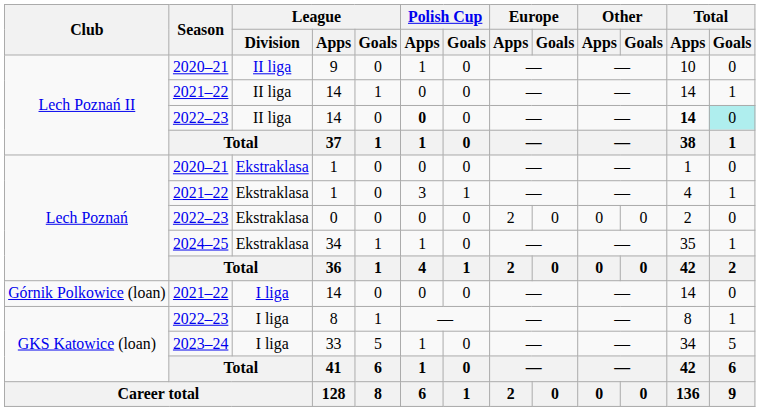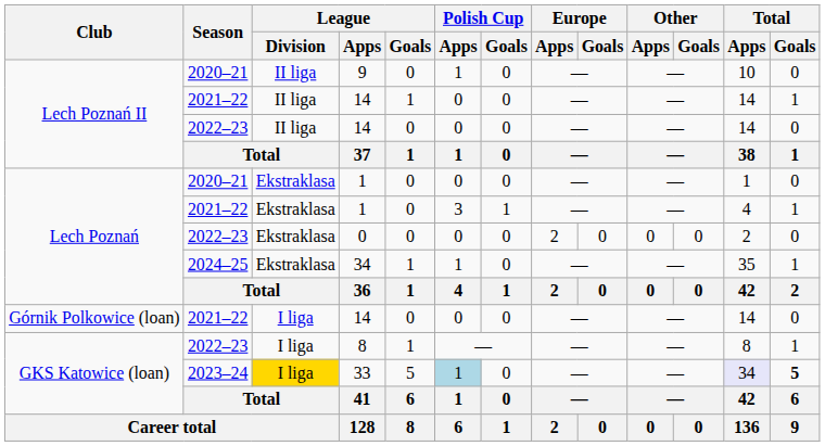 <table class="wikitable" style="text-align: center;">
 <tr>
 <th rowspan="2">Club</th>
 <th rowspan="2">Season</th>
 <th colspan="3">League</th>
 <th colspan="2"><a href='#'>Polish Cup</a></th>
 <th colspan="2">Europe</th>
 <th colspan="2">Other</th>
 <th colspan="2">Total</th>
 </tr>
 <tr>
 <th>Division</th>
 <th>Apps</th>
 <th>Goals</th>
 <th>Apps</th>
 <th>Goals</th>
 <th>Apps</th>
 <th>Goals</th>
 <th>Apps</th>
 <th>Goals</th>
 <th>Apps</th>
 <th>Goals</th>
 </tr>
 <tr>
 <td rowspan="4"><a href='#'>Lech Poznań II</a></td>
 <td><a href='#'>2020–21</a></td>
 <td><a href='#'>II liga</a></td>
 <td>9</td>
 <td>0</td>
 <td>1</td>
 <td>0</td>
 <td colspan="2">—</td>
 <td colspan="2">—</td>
 <td>10</td>
 <td>0</td>
 </tr>
 <tr>
 <td><a href='#'>2021–22</a></td>
 <td>II liga</td>
 <td>14</td>
 <td>1</td>
 <td>0</td>
 <td>0</td>
 <td colspan="2">—</td>
 <td colspan="2">—</td>
 <td>14</td>
 <td>1</td>
 </tr>
 <tr>
 <td><a href='#'>2022–23</a></td>
 <td>II liga</td>
 <td>14</td>
 <td>0</td>
-<td><strong>0</strong></td>
+<td>0</td>
 <td>0</td>
 <td colspan="2">—</td>
 <td colspan="2">—</td>
-<td><strong>14</strong></td>
-<td style="background: paleturquoise;">0</td>
+<td>14</td>
+<td>0</td>
 </tr>
 <tr>
 <th colspan="2">Total</th>
 <th>37</th>
 <th>1</th>
 <th>1</th>
 <th>0</th>
 <th colspan="2">—</th>
 <th colspan="2">—</th>
 <th>38</th>
 <th>1</th>
 </tr>
 <tr>
 <td rowspan="5"><a href='#'>Lech Poznań</a></td>
 <td><a href='#'>2020–21</a></td>
 <td><a href='#'>Ekstraklasa</a></td>
 <td>1</td>
 <td>0</td>
 <td>0</td>
 <td>0</td>
 <td colspan="2">—</td>
 <td colspan="2">—</td>
 <td>1</td>
 <td>0</td>
 </tr>
 <tr>
 <td><a href='#'>2021–22</a></td>
 <td>Ekstraklasa</td>
 <td>1</td>
 <td>0</td>
 <td>3</td>
 <td>1</td>
 <td colspan="2">—</td>
 <td colspan="2">—</td>
 <td>4</td>
 <td>1</td>
 </tr>
 <tr>
 <td><a href='#'>2022–23</a></td>
 <td>Ekstraklasa</td>
 <td>0</td>
 <td>0</td>
 <td>0</td>
 <td>0</td>
 <td>2</td>
 <td>0</td>
 <td>0</td>
 <td>0</td>
 <td>2</td>
 <td>0</td>
 </tr>
 <tr>
 <td><a href='#'>2024–25</a></td>
 <td>Ekstraklasa</td>
 <td>34</td>
 <td>1</td>
 <td>1</td>
 <td>0</td>
 <td colspan="2">—</td>
 <td colspan="2">—</td>
 <td>35</td>
 <td>1</td>
 </tr>
 <tr>
 <th colspan="2">Total</th>
 <th>36</th>
 <th>1</th>
 <th>4</th>
 <th>1</th>
 <th>2</th>
 <th>0</th>
 <th>0</th>
 <th>0</th>
 <th>42</th>
 <th>2</th>
 </tr>
 <tr>
 <td><a href='#'>Górnik Polkowice</a> (loan)</td>
 <td><a href='#'>2021–22</a></td>
 <td><a href='#'>I liga</a></td>
 <td>14</td>
 <td>0</td>
 <td>0</td>
 <td>0</td>
 <td colspan="2">—</td>
 <td colspan="2">—</td>
 <td>14</td>
 <td>0</td>
 </tr>
 <tr>
 <td rowspan="3"><a href='#'>GKS Katowice</a> (loan)</td>
 <td><a href='#'>2022–23</a></td>
 <td>I liga</td>
 <td>8</td>
 <td>1</td>
 <td colspan="2">—</td>
 <td colspan="2">—</td>
 <td colspan="2">—</td>
 <td>8</td>
 <td>1</td>
 </tr>
 <tr>
 <td><a href='#'>2023–24</a></td>
-<td>I liga</td>
+<td style="background: gold;">I liga</td>
 <td>33</td>
 <td>5</td>
-<td>1</td>
+<td style="background: lightblue;">1</td>
 <td>0</td>
 <td colspan="2">—</td>
 <td colspan="2">—</td>
-<td>34</td>
-<td>5</td>
+<td style="background: lavender;">34</td>
+<td><strong>5</strong></td>
 </tr>
 <tr>
 <th colspan="2">Total</th>
 <th>41</th>
 <th>6</th>
 <th>1</th>
 <th>0</th>
 <th colspan="2">—</th>
 <th colspan="2">—</th>
 <th>42</th>
 <th>6</th>
 </tr>
 <tr>
 <th colspan="3">Career total</th>
 <th>128</th>
 <th>8</th>
 <th>6</th>
 <th>1</th>
 <th>2</th>
 <th>0</th>
 <th>0</th>
 <th>0</th>
 <th>136</th>
 <th>9</th>
 </tr>
 </table>
